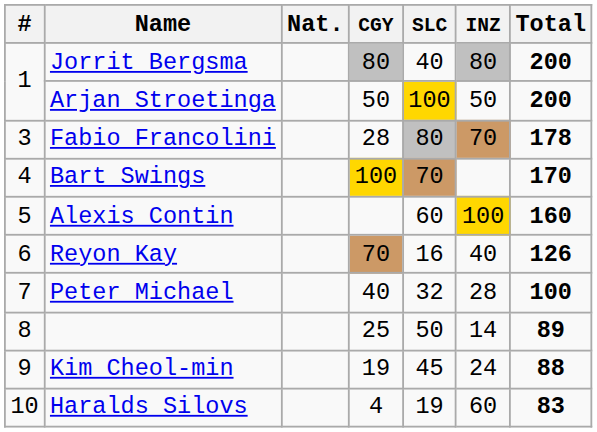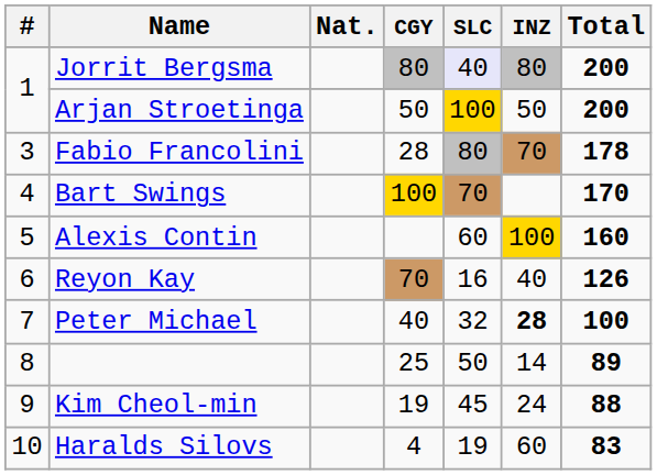 <table class="wikitable" style="text-align:center;">
 <tr>
 <th>#</th>
 <th>Name</th>
 <th>Nat.</th>
 <th><small>CGY</small></th>
 <th><small>SLC</small></th>
 <th><small>INZ</small></th>
 <th>Total</th>
 </tr>
 <tr>
 <td rowspan=2>1</td>
 <td align=left><a href='#'>Jorrit Bergsma</a></td>
 <td></td>
 <td bgcolor=silver>80</td>
-<td>40</td>
+<td style="background: lavender;">40</td>
 <td bgcolor=silver>80</td>
 <td><strong>200</strong></td>
 </tr>
 <tr>
 <td align=left><a href='#'>Arjan Stroetinga</a></td>
 <td></td>
 <td>50</td>
 <td bgcolor=gold>100</td>
 <td>50</td>
 <td><strong>200</strong></td>
 </tr>
 <tr>
 <td>3</td>
 <td align=left><a href='#'>Fabio Francolini</a></td>
 <td></td>
 <td>28</td>
 <td bgcolor=silver>80</td>
 <td bgcolor=cc9966>70</td>
 <td><strong>178</strong></td>
 </tr>
 <tr>
 <td>4</td>
 <td align=left><a href='#'>Bart Swings</a></td>
 <td></td>
 <td bgcolor=gold>100</td>
 <td bgcolor=cc9966>70</td>
 <td></td>
 <td><strong>170</strong></td>
 </tr>
 <tr>
 <td>5</td>
 <td align=left><a href='#'>Alexis Contin</a></td>
 <td></td>
 <td></td>
 <td>60</td>
 <td bgcolor=gold>100</td>
 <td><strong>160</strong></td>
 </tr>
 <tr>
 <td>6</td>
 <td align=left><a href='#'>Reyon Kay</a></td>
 <td></td>
 <td bgcolor=cc9966>70</td>
 <td>16</td>
 <td>40</td>
 <td><strong>126</strong></td>
 </tr>
 <tr>
 <td>7</td>
 <td align=left><a href='#'>Peter Michael</a></td>
 <td></td>
 <td>40</td>
 <td>32</td>
-<td>28</td>
+<td><strong>28</strong></td>
 <td><strong>100</strong></td>
 </tr>
 <tr>
 <td>8</td>
 <td align=left></td>
 <td></td>
 <td>25</td>
 <td>50</td>
 <td>14</td>
 <td><strong>89</strong></td>
 </tr>
 <tr>
 <td>9</td>
 <td align=left><a href='#'>Kim Cheol-min</a></td>
 <td></td>
 <td>19</td>
 <td>45</td>
 <td>24</td>
 <td><strong>88</strong></td>
 </tr>
 <tr>
 <td>10</td>
 <td align=left><a href='#'>Haralds Silovs</a></td>
 <td></td>
 <td>4</td>
 <td>19</td>
 <td>60</td>
 <td><strong>83</strong></td>
 </tr>
 </table>
